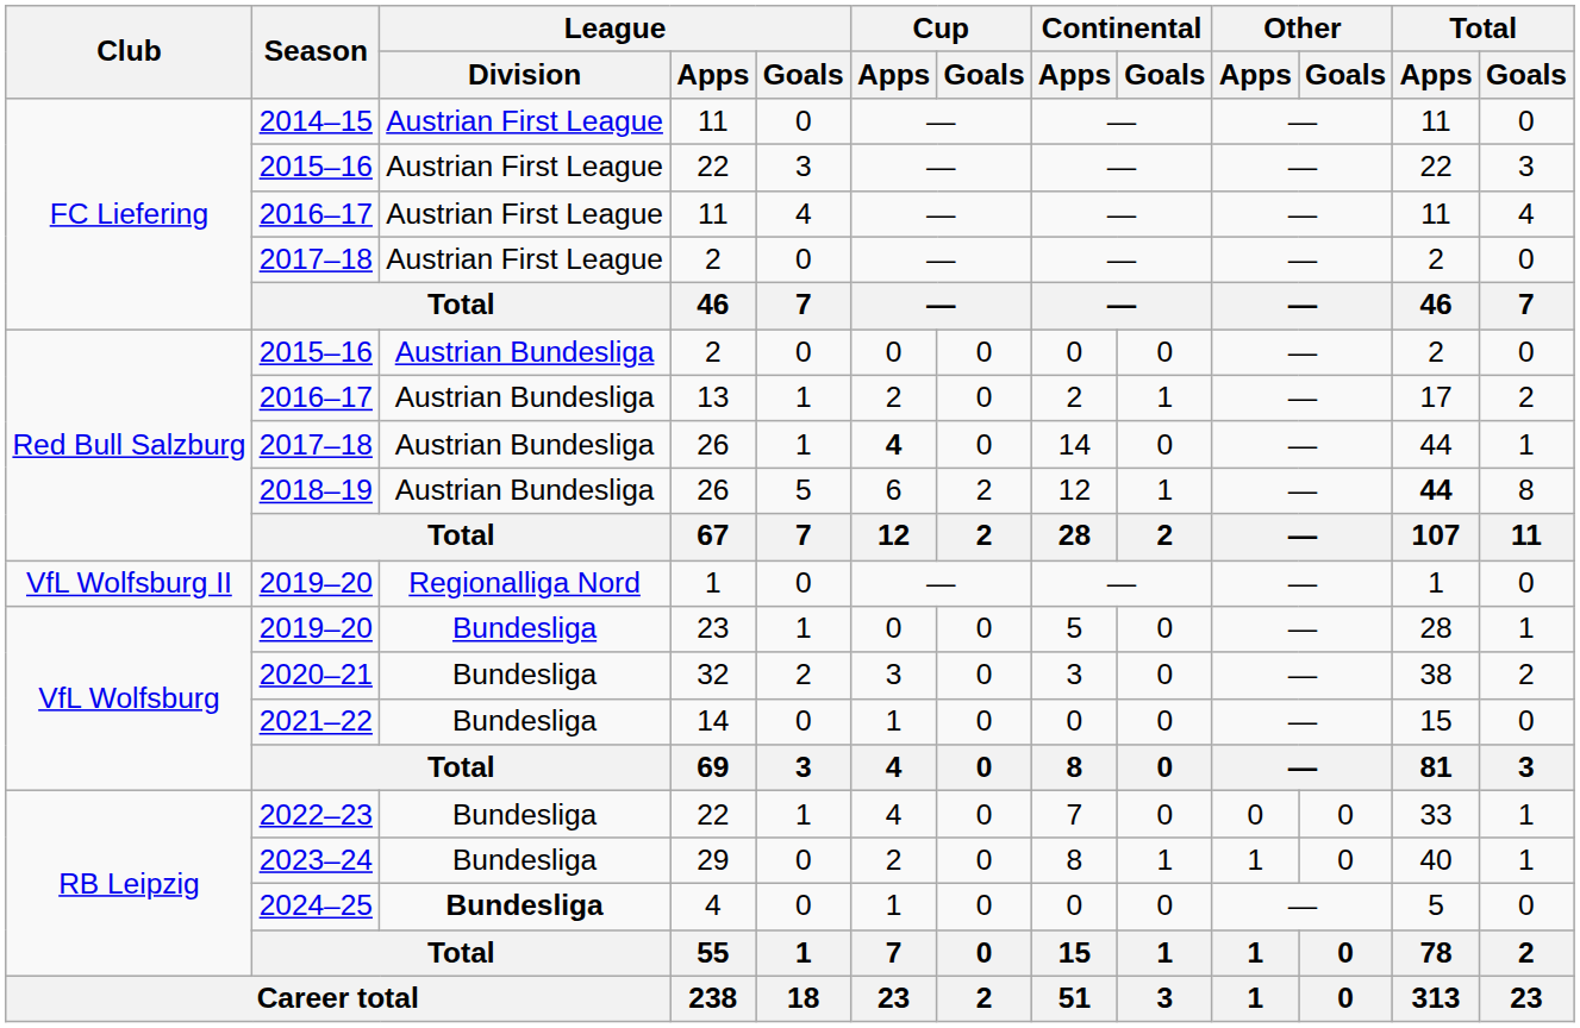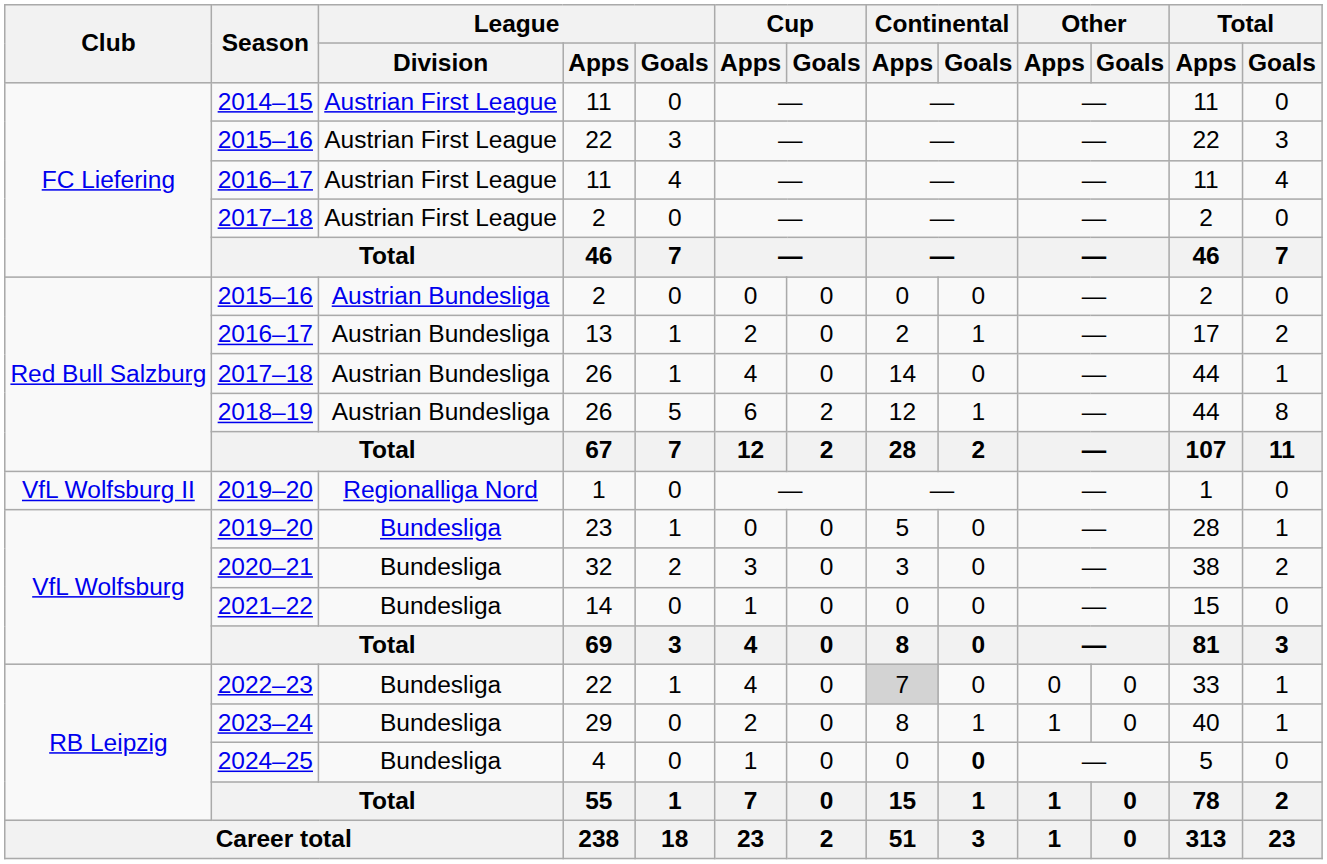 <table class="wikitable" style="text-align:center">
 <tr>
 <th rowspan="2">Club</th>
 <th rowspan="2">Season</th>
 <th colspan="3">League</th>
 <th colspan="2">Cup</th>
 <th colspan="2">Continental</th>
 <th colspan="2">Other</th>
 <th colspan="2">Total</th>
 </tr>
 <tr>
 <th>Division</th>
 <th>Apps</th>
 <th>Goals</th>
 <th>Apps</th>
 <th>Goals</th>
 <th>Apps</th>
 <th>Goals</th>
 <th>Apps</th>
 <th>Goals</th>
 <th>Apps</th>
 <th>Goals</th>
 </tr>
 <tr>
 <td rowspan="5"><a href='#'>FC Liefering</a></td>
 <td><a href='#'>2014–15</a></td>
 <td><a href='#'>Austrian First League</a></td>
 <td>11</td>
 <td>0</td>
 <td colspan="2">—</td>
 <td colspan="2">—</td>
 <td colspan="2">—</td>
 <td>11</td>
 <td>0</td>
 </tr>
 <tr>
 <td><a href='#'>2015–16</a></td>
 <td>Austrian First League</td>
 <td>22</td>
 <td>3</td>
 <td colspan="2">—</td>
 <td colspan="2">—</td>
 <td colspan="2">—</td>
 <td>22</td>
 <td>3</td>
 </tr>
 <tr>
 <td><a href='#'>2016–17</a></td>
 <td>Austrian First League</td>
 <td>11</td>
 <td>4</td>
 <td colspan="2">—</td>
 <td colspan="2">—</td>
 <td colspan="2">—</td>
 <td>11</td>
 <td>4</td>
 </tr>
 <tr>
 <td><a href='#'>2017–18</a></td>
 <td>Austrian First League</td>
 <td>2</td>
 <td>0</td>
 <td colspan="2">—</td>
 <td colspan="2">—</td>
 <td colspan="2">—</td>
 <td>2</td>
 <td>0</td>
 </tr>
 <tr>
 <th colspan="2">Total</th>
 <th>46</th>
 <th>7</th>
 <th colspan="2">—</th>
 <th colspan="2">—</th>
 <th colspan="2">—</th>
 <th>46</th>
 <th>7</th>
 </tr>
 <tr>
 <td rowspan="5"><a href='#'>Red Bull Salzburg</a></td>
 <td><a href='#'>2015–16</a></td>
 <td><a href='#'>Austrian Bundesliga</a></td>
 <td>2</td>
 <td>0</td>
 <td>0</td>
 <td>0</td>
 <td>0</td>
 <td>0</td>
 <td colspan="2">—</td>
 <td>2</td>
 <td>0</td>
 </tr>
 <tr>
 <td><a href='#'>2016–17</a></td>
 <td>Austrian Bundesliga</td>
 <td>13</td>
 <td>1</td>
 <td>2</td>
 <td>0</td>
 <td>2</td>
 <td>1</td>
 <td colspan="2">—</td>
 <td>17</td>
 <td>2</td>
 </tr>
 <tr>
 <td><a href='#'>2017–18</a></td>
 <td>Austrian Bundesliga</td>
 <td>26</td>
 <td>1</td>
-<td><strong>4</strong></td>
+<td>4</td>
 <td>0</td>
 <td>14</td>
 <td>0</td>
 <td colspan="2">—</td>
 <td>44</td>
 <td>1</td>
 </tr>
 <tr>
 <td><a href='#'>2018–19</a></td>
 <td>Austrian Bundesliga</td>
 <td>26</td>
 <td>5</td>
 <td>6</td>
 <td>2</td>
 <td>12</td>
 <td>1</td>
 <td colspan="2">—</td>
-<td><strong>44</strong></td>
+<td>44</td>
 <td>8</td>
 </tr>
 <tr>
 <th colspan="2">Total</th>
 <th>67</th>
 <th>7</th>
 <th>12</th>
 <th>2</th>
 <th>28</th>
 <th>2</th>
 <th colspan="2">—</th>
 <th>107</th>
 <th>11</th>
 </tr>
 <tr>
 <td><a href='#'>VfL Wolfsburg II</a></td>
 <td><a href='#'>2019–20</a></td>
 <td><a href='#'>Regionalliga Nord</a></td>
 <td>1</td>
 <td>0</td>
 <td colspan="2">—</td>
 <td colspan="2">—</td>
 <td colspan="2">—</td>
 <td>1</td>
 <td>0</td>
 </tr>
 <tr>
 <td rowspan="4"><a href='#'>VfL Wolfsburg</a></td>
 <td><a href='#'>2019–20</a></td>
 <td><a href='#'>Bundesliga</a></td>
 <td>23</td>
 <td>1</td>
 <td>0</td>
 <td>0</td>
 <td>5</td>
 <td>0</td>
 <td colspan="2">—</td>
 <td>28</td>
 <td>1</td>
 </tr>
 <tr>
 <td><a href='#'>2020–21</a></td>
 <td>Bundesliga</td>
 <td>32</td>
 <td>2</td>
 <td>3</td>
 <td>0</td>
 <td>3</td>
 <td>0</td>
 <td colspan="2">—</td>
 <td>38</td>
 <td>2</td>
 </tr>
 <tr>
 <td><a href='#'>2021–22</a></td>
 <td>Bundesliga</td>
 <td>14</td>
 <td>0</td>
 <td>1</td>
 <td>0</td>
 <td>0</td>
 <td>0</td>
 <td colspan="2">—</td>
 <td>15</td>
 <td>0</td>
 </tr>
 <tr>
 <th colspan="2">Total</th>
 <th>69</th>
 <th>3</th>
 <th>4</th>
 <th>0</th>
 <th>8</th>
 <th>0</th>
 <th colspan="2">—</th>
 <th>81</th>
 <th>3</th>
 </tr>
 <tr>
 <td rowspan="4"><a href='#'>RB Leipzig</a></td>
 <td><a href='#'>2022–23</a></td>
 <td>Bundesliga</td>
 <td>22</td>
 <td>1</td>
 <td>4</td>
 <td>0</td>
-<td>7</td>
+<td style="background: lightgrey;">7</td>
 <td>0</td>
 <td>0</td>
 <td>0</td>
 <td>33</td>
 <td>1</td>
 </tr>
 <tr>
 <td><a href='#'>2023–24</a></td>
 <td>Bundesliga</td>
 <td>29</td>
 <td>0</td>
 <td>2</td>
 <td>0</td>
 <td>8</td>
 <td>1</td>
 <td>1</td>
 <td>0</td>
 <td>40</td>
 <td>1</td>
 </tr>
 <tr>
 <td><a href='#'>2024–25</a></td>
-<td><strong>Bundesliga</strong></td>
+<td>Bundesliga</td>
 <td>4</td>
 <td>0</td>
 <td>1</td>
 <td>0</td>
 <td>0</td>
-<td>0</td>
+<td><strong>0</strong></td>
 <td colspan="2">—</td>
 <td>5</td>
 <td>0</td>
 </tr>
 <tr>
 <th colspan="2">Total</th>
 <th>55</th>
 <th>1</th>
 <th>7</th>
 <th>0</th>
 <th>15</th>
 <th>1</th>
 <th>1</th>
 <th>0</th>
 <th>78</th>
 <th>2</th>
 </tr>
 <tr>
 <th colspan="3">Career total</th>
 <th>238</th>
 <th>18</th>
 <th>23</th>
 <th>2</th>
 <th>51</th>
 <th>3</th>
 <th>1</th>
 <th>0</th>
 <th>313</th>
 <th>23</th>
 </tr>
 </table>
